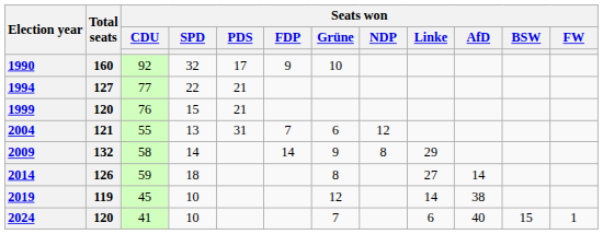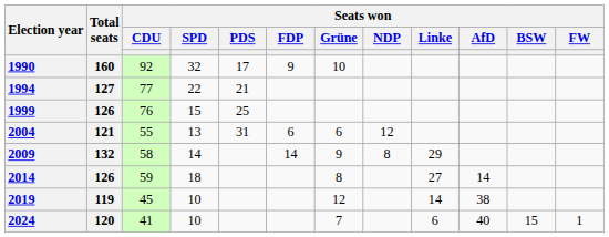 <table class="wikitable" style="text-align:center; font-size: 0.9em;">
 <tr>
 <th rowspan="3">Election year</th>
 <th rowspan="3">Total<br>seats</th>
 <th colspan="10">Seats won</th>
 </tr>
 <tr>
 <th class="unsortable" style="width:45px;"><a href='#'>CDU</a></th>
 <th class="unsortable" style="width:45px;"><a href='#'>SPD</a></th>
 <th class="unsortable" style="width:45px;"><a href='#'>PDS</a></th>
 <th class="unsortable" style="width:45px;"><a href='#'>FDP</a></th>
 <th class="unsortable" style="width:45px;"><a href='#'>Grüne</a></th>
 <th class="unsortable" style="width:45px;"><a href='#'>NDP</a></th>
 <th class="unsortable" style="width:45px;"><a href='#'>Linke</a></th>
 <th class="unsortable" style="width:45px;"><a href='#'>AfD</a></th>
 <th class="unsortable" style="width:45px;"><a href='#'>BSW</a></th>
 <th class="unsortable" style="width:45px;"><a href='#'>FW</a></th>
 </tr>
 <tr>
 <th style="background:"></th>
 <th style="background:"></th>
 <th style="background:"></th>
 <th style="background:"></th>
 <th style="background:"></th>
 <th style="background:"></th>
 <th style="background:"></th>
 <th style="background:"></th>
 <th style="background:"></th>
 <th style="background:"></th>
 </tr>
 <tr>
 <th style="text-align: left;"><a href='#'>1990</a></th>
 <th>160</th>
 <td style="background:#d1ffbd;">92</td>
 <td>32</td>
 <td>17</td>
 <td>9</td>
 <td>10</td>
 <td></td>
 <td></td>
 <td></td>
 <td></td>
 <td></td>
 </tr>
 <tr>
 <th style="text-align: left;"><a href='#'>1994</a></th>
 <th>127</th>
 <td style="background:#d1ffbd;">77</td>
 <td>22</td>
 <td>21</td>
 <td></td>
 <td></td>
 <td></td>
 <td></td>
 <td></td>
 <td></td>
 <td></td>
 </tr>
 <tr>
 <th style="text-align: left;"><a href='#'>1999</a></th>
-<th>120</th>
+<th>126</th>
 <td style="background:#d1ffbd;">76</td>
 <td>15</td>
-<td>21</td>
+<td>25</td>
 <td></td>
 <td></td>
 <td></td>
 <td></td>
 <td></td>
 <td></td>
 <td></td>
 </tr>
 <tr>
 <th style="text-align: left;"><a href='#'>2004</a></th>
 <th>121</th>
 <td style="background:#d1ffbd;">55</td>
 <td>13</td>
 <td>31</td>
-<td>7</td>
+<td>6</td>
 <td>6</td>
 <td>12</td>
 <td></td>
 <td></td>
 <td></td>
 <td></td>
 </tr>
 <tr>
 <th style="text-align: left;"><a href='#'>2009</a></th>
 <th>132</th>
 <td style="background:#d1ffbd;">58</td>
 <td>14</td>
 <td></td>
 <td>14</td>
 <td>9</td>
 <td>8</td>
 <td>29</td>
 <td></td>
 <td></td>
 <td></td>
 </tr>
 <tr>
 <th style="text-align: left;"><a href='#'>2014</a></th>
 <th>126</th>
 <td style="background:#d1ffbd;">59</td>
 <td>18</td>
 <td></td>
 <td></td>
 <td>8</td>
 <td></td>
 <td>27</td>
 <td>14</td>
 <td></td>
 <td></td>
 </tr>
 <tr>
 <th style="text-align: left;"><a href='#'>2019</a></th>
 <th>119</th>
 <td style="background:#d1ffbd;">45</td>
 <td>10</td>
 <td></td>
 <td></td>
 <td>12</td>
 <td></td>
 <td>14</td>
 <td>38</td>
 <td></td>
 <td></td>
 </tr>
 <tr>
 <th style="text-align: left;"><a href='#'>2024</a></th>
 <th>120</th>
 <td style="background:#d1ffbd;">41</td>
 <td>10</td>
 <td></td>
 <td></td>
 <td>7</td>
 <td></td>
 <td>6</td>
 <td>40</td>
 <td>15</td>
 <td>1</td>
 </tr>
 </table>
